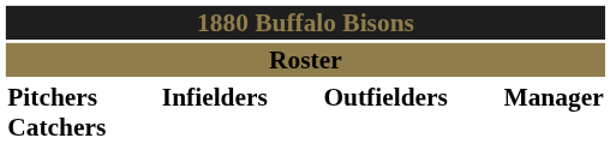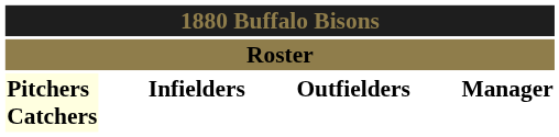 <table class="toccolours" style="font-size: 95%;">
 <tr>
 <th colspan="10" style="background-color: #1E1E1E; color: #8F7D4B; text-align: center;">1880 Buffalo Bisons</th>
 </tr>
 <tr>
 <td colspan="10" style="background-color:#8F7D4B; color: 1E1E1E; text-align: center;"><strong>Roster</strong></td>
 </tr>
 <tr>
-<td valign="top"><strong>Pitchers</strong><br>    <strong>Catchers</strong>   </td>
+<td valign="top" style="background: lightyellow;"><strong>Pitchers</strong><br>    <strong>Catchers</strong>   </td>
 <td width="25px"></td>
 <td valign="top"><strong>Infielders</strong><br>        </td>
 <td width="25px"></td>
 <td valign="top"><strong>Outfielders</strong><br>    </td>
 <td width="25px"></td>
 <td valign="top"><strong>Manager</strong><br></td>
 </tr>
 </table>
